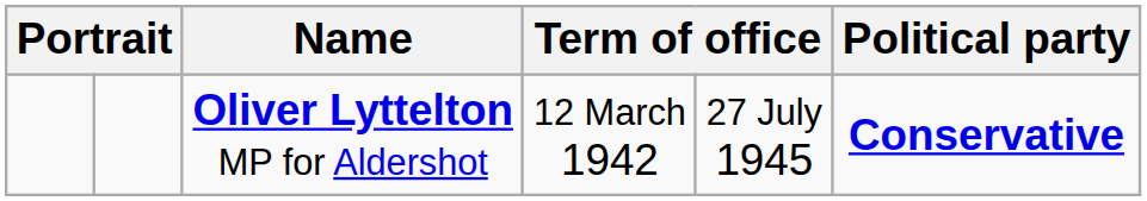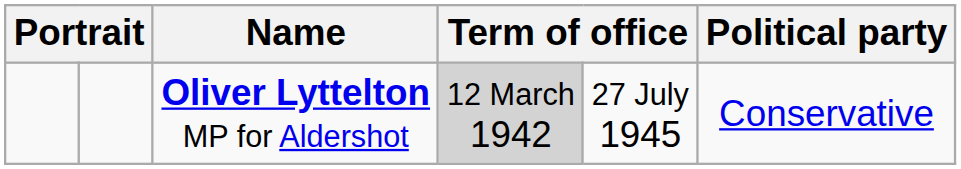 <table class="wikitable" style="text-align:Center">
 <tr>
 <th colspan=2>Portrait</th>
 <th>Name</th>
 <th colspan=2>Term of office</th>
 <th>Political party</th>
 </tr>
 <tr>
 <td style="background-color: "></td>
 <td></td>
 <td><a href='#'><strong>Oliver Lyttelton</strong></a><br><small>MP for <a href='#'>Aldershot</a></small></td>
-<td><small>12 March</small><br>1942</td>
+<td style="background: lightgrey;"><small>12 March</small><br>1942</td>
 <td><small>27 July</small><br>1945</td>
-<td><strong><a href='#'>Conservative</a></strong></td>
+<td><a href='#'>Conservative</a></td>
 </tr>
 </table>
